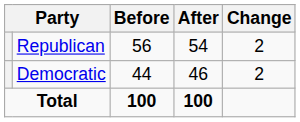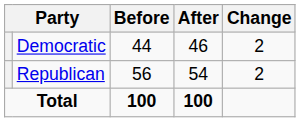 <table class="wikitable" style="text-align:center;">
 <tr>
 <th colspan="2">Party</th>
 <th>Before</th>
 <th>After</th>
 <th>Change</th>
 </tr>
 <tr>
 <th style="background-color:"></th>
-<td style="text-align:left;"><a href='#'>Republican</a></td>
-<td>56</td>
-<td>54</td>
+<td style="text-align:left;"><a href='#'>Democratic</a></td>
+<td>44</td>
+<td>46</td>
 <td> 2</td>
 </tr>
 <tr>
 <th style="background-color:"></th>
-<td style="text-align:left;"><a href='#'>Democratic</a></td>
-<td>44</td>
-<td>46</td>
+<td style="text-align:left;"><a href='#'>Republican</a></td>
+<td>56</td>
+<td>54</td>
 <td> 2</td>
 </tr>
 <tr>
 <td colspan="2"><strong>Total</strong></td>
 <td><strong>100</strong></td>
 <td><strong>100</strong></td>
 <td></td>
 </tr>
 </table>
